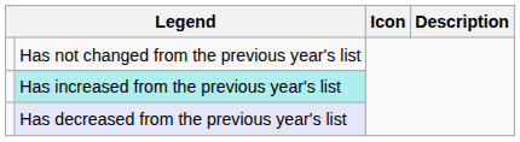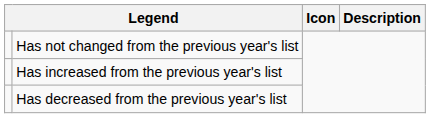 <table class="wikitable">
 <tr>
 <th colspan="2"><small>Legend</small></th>
 <th><small> Icon</small></th>
 <th><small> Description</small></th>
 </tr>
 <tr>
 <td></td>
 <td><small>Has not changed from the previous year's list</small></td>
 </tr>
 <tr>
 <td></td>
-<td style="background: paleturquoise;"><small>Has increased from the previous year's list</small></td>
+<td><small>Has increased from the previous year's list</small></td>
 </tr>
 <tr>
 <td></td>
-<td style="background: lavender;"><small>Has decreased from the previous year's list</small></td>
+<td><small>Has decreased from the previous year's list</small></td>
 </tr>
 </table>
